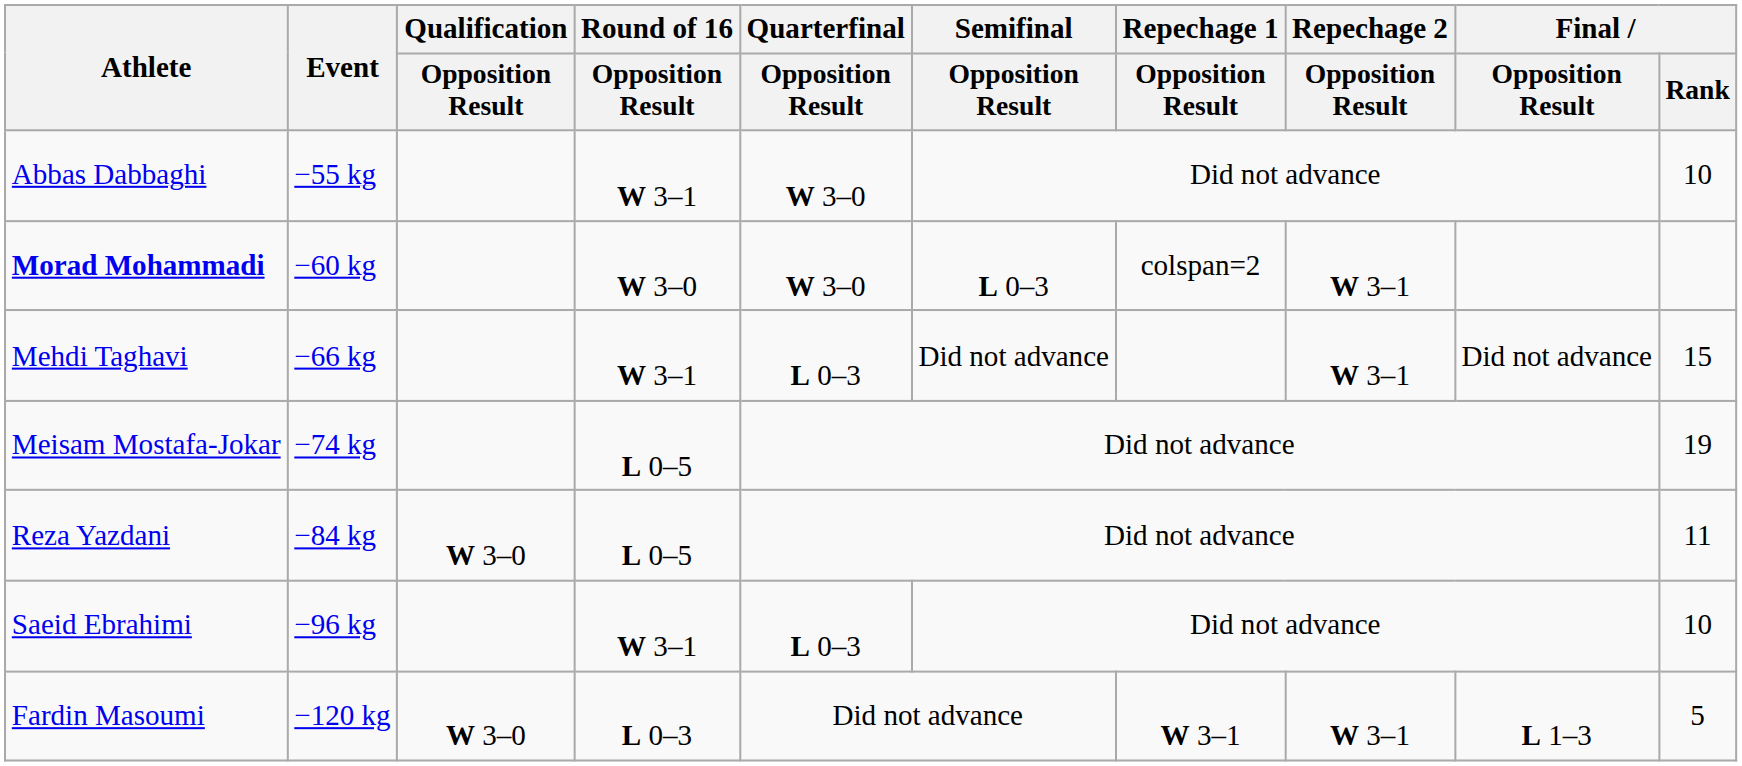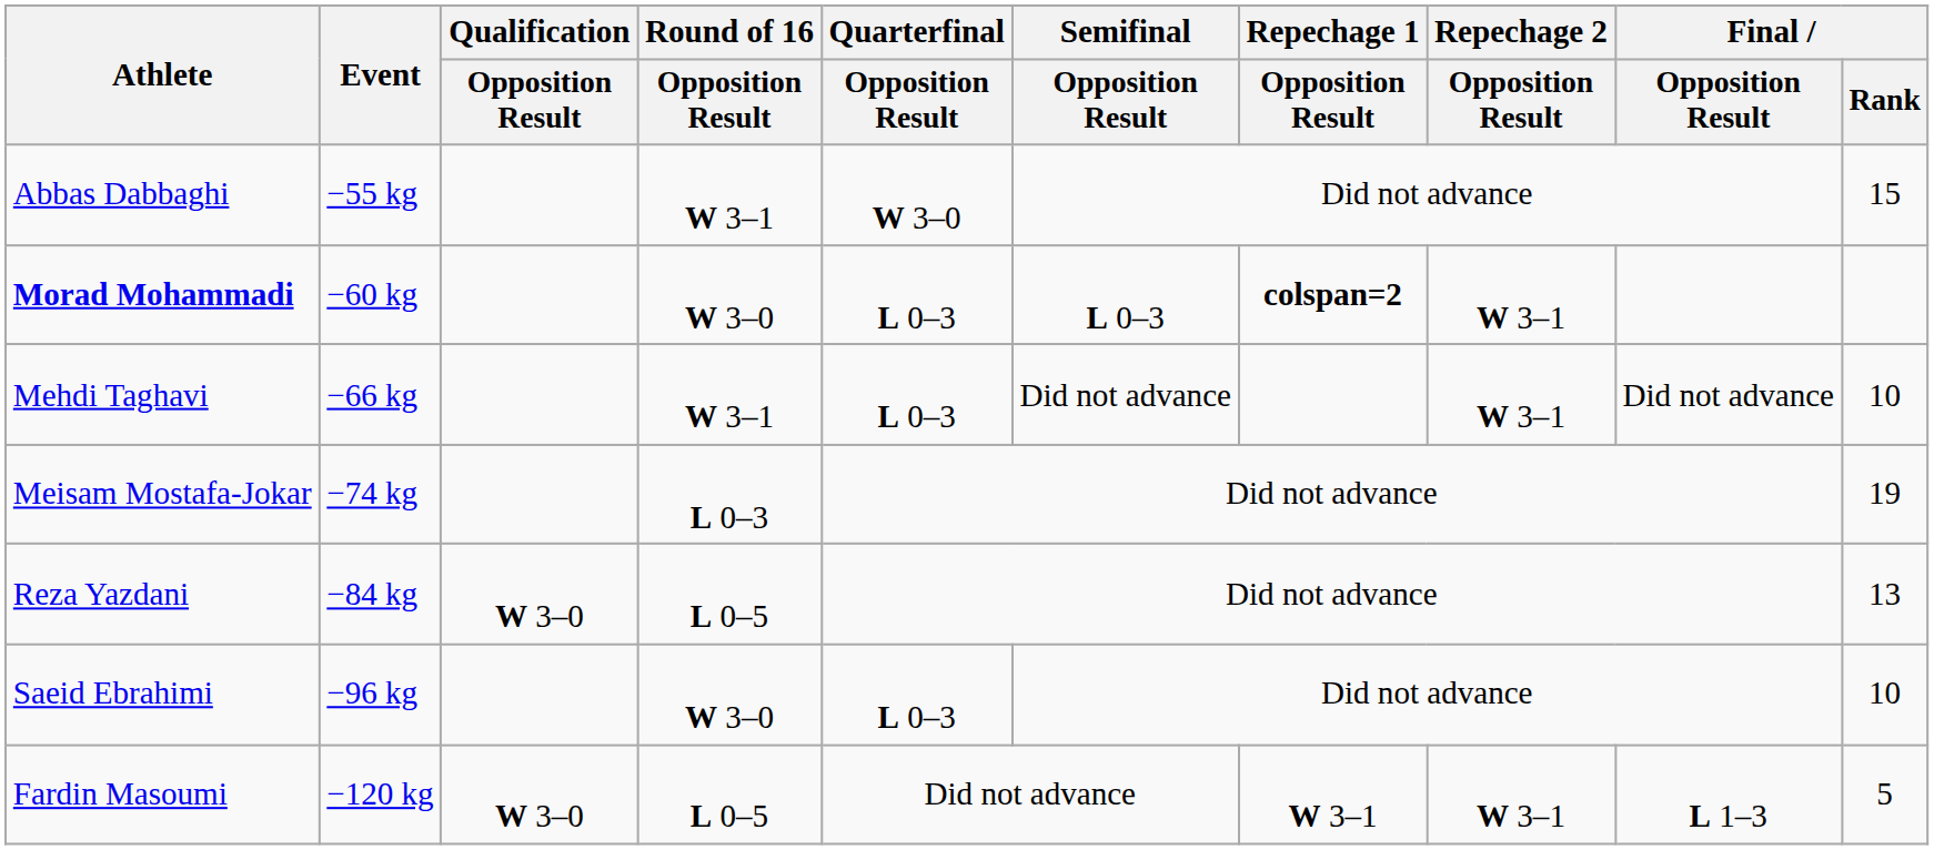 <table class="wikitable" style="font-size:90%">
 <tr>
 <th rowspan="2">Athlete</th>
 <th rowspan="2">Event</th>
 <th>Qualification</th>
 <th>Round of 16</th>
 <th>Quarterfinal</th>
 <th>Semifinal</th>
 <th>Repechage 1</th>
 <th>Repechage 2</th>
 <th colspan=2>Final / </th>
 </tr>
 <tr style="font-size: 95%">
 <th>Opposition<br>Result</th>
 <th>Opposition<br>Result</th>
 <th>Opposition<br>Result</th>
 <th>Opposition<br>Result</th>
 <th>Opposition<br>Result</th>
 <th>Opposition<br>Result</th>
 <th>Opposition<br>Result</th>
 <th>Rank</th>
 </tr>
 <tr align=center>
 <td align=left><a href='#'>Abbas Dabbaghi</a></td>
 <td align=left><a href='#'>−55 kg</a></td>
 <td></td>
 <td><br><strong>W</strong> 3–1 <sup></sup></td>
 <td><br><strong>W</strong> 3–0 <sup></sup></td>
 <td colspan=4>Did not advance</td>
-<td>10</td>
+<td>15</td>
 </tr>
 <tr align=center>
 <td align=left><strong><a href='#'>Morad Mohammadi</a></strong></td>
 <td align=left><a href='#'>−60 kg</a></td>
 <td></td>
 <td><br><strong>W</strong> 3–0 <sup></sup></td>
-<td><br><strong>W</strong> 3–0 <sup></sup></td>
 <td><br><strong>L</strong> 0–3 <sup></sup></td>
-<td>colspan=2 </td>
+<td><br><strong>L</strong> 0–3 <sup></sup></td>
+<td><strong>colspan=2 </strong></td>
 <td><br><strong>W</strong> 3–1 <sup></sup></td>
 <td></td>
 </tr>
 <tr align=center>
 <td align=left><a href='#'>Mehdi Taghavi</a></td>
 <td align=left><a href='#'>−66 kg</a></td>
 <td></td>
 <td><br><strong>W</strong> 3–1 <sup></sup></td>
 <td><br><strong>L</strong> 0–3 <sup></sup></td>
 <td>Did not advance</td>
 <td></td>
 <td><br><strong>W</strong> 3–1 <sup></sup></td>
 <td>Did not advance</td>
-<td>15</td>
+<td>10</td>
 </tr>
 <tr align=center>
 <td align=left><a href='#'>Meisam Mostafa-Jokar</a></td>
 <td align=left><a href='#'>−74 kg</a></td>
 <td></td>
-<td><br><strong>L</strong> 0–5 <sup></sup></td>
+<td><br><strong>L</strong> 0–3 <sup></sup></td>
 <td colspan=5>Did not advance</td>
 <td>19</td>
 </tr>
 <tr align=center>
 <td align=left><a href='#'>Reza Yazdani</a></td>
 <td align=left><a href='#'>−84 kg</a></td>
 <td><br><strong>W</strong> 3–0 <sup></sup></td>
 <td><br><strong>L</strong> 0–5 <sup></sup></td>
 <td colspan=5>Did not advance</td>
-<td>11</td>
+<td>13</td>
 </tr>
 <tr align=center>
 <td align=left><a href='#'>Saeid Ebrahimi</a></td>
 <td align=left><a href='#'>−96 kg</a></td>
 <td></td>
-<td><br><strong>W</strong> 3–1 <sup></sup></td>
+<td><br><strong>W</strong> 3–0 <sup></sup></td>
 <td><br><strong>L</strong> 0–3 <sup></sup></td>
 <td colspan=4>Did not advance</td>
 <td>10</td>
 </tr>
 <tr align=center>
 <td align=left><a href='#'>Fardin Masoumi</a></td>
 <td align=left><a href='#'>−120 kg</a></td>
 <td><br><strong>W</strong> 3–0 <sup></sup></td>
-<td><br><strong>L</strong> 0–3 <sup></sup></td>
+<td><br><strong>L</strong> 0–5 <sup></sup></td>
 <td colspan=2>Did not advance</td>
 <td><br><strong>W</strong> 3–1 <sup></sup></td>
 <td><br><strong>W</strong> 3–1 <sup></sup></td>
 <td><br><strong>L</strong> 1–3 <sup></sup></td>
 <td>5</td>
 </tr>
 </table>
